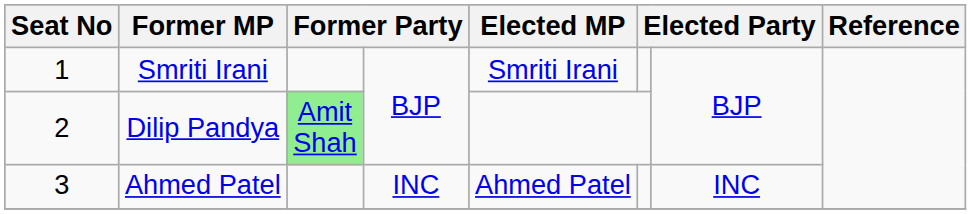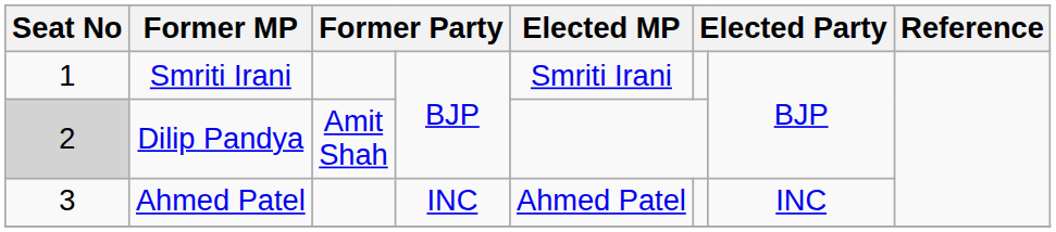 <table class="wikitable">
 <tr>
 <th>Seat No</th>
 <th>Former MP</th>
 <th colspan=2>Former Party</th>
 <th>Elected MP</th>
 <th colspan=2>Elected Party</th>
 <th>Reference</th>
 </tr>
 <tr style="text-align:center;">
 <td>1</td>
 <td><a href='#'>Smriti Irani</a></td>
 <td width="1px"></td>
 <td rowspan=2><a href='#'>BJP</a></td>
 <td><a href='#'>Smriti Irani</a></td>
 <td width="1px"></td>
 <td rowspan=2><a href='#'>BJP</a></td>
 <td rowspan=3></td>
 </tr>
 <tr style="text-align:center;">
-<td>2</td>
+<td style="background: lightgrey;">2</td>
 <td><a href='#'>Dilip Pandya</a></td>
-<td style="background: lightgreen;"><a href='#'>Amit Shah</a></td>
+<td><a href='#'>Amit Shah</a></td>
 </tr>
 <tr style="text-align:center;">
 <td>3</td>
 <td><a href='#'>Ahmed Patel</a></td>
 <td width="1px"></td>
 <td><a href='#'>INC</a></td>
 <td><a href='#'>Ahmed Patel</a></td>
 <td width="1px"></td>
 <td><a href='#'>INC</a></td>
 </tr>
 <tr>
 </tr>
 </table>
